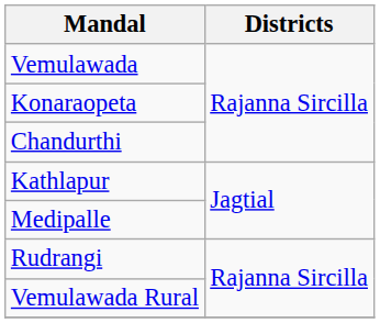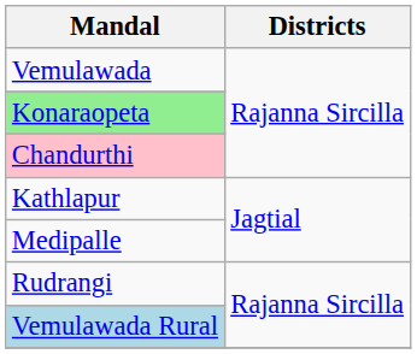 <table class="wikitable sortable static-row-numbers static-row-header-hash">
 <tr>
 <th>Mandal</th>
 <th>Districts</th>
 </tr>
 <tr>
 <td><a href='#'>Vemulawada</a></td>
 <td rowspan=3><a href='#'>Rajanna Sircilla</a></td>
 </tr>
 <tr>
-<td><a href='#'>Konaraopeta</a></td>
+<td style="background: lightgreen;"><a href='#'>Konaraopeta</a></td>
 </tr>
 <tr>
-<td><a href='#'>Chandurthi</a></td>
+<td style="background: pink;"><a href='#'>Chandurthi</a></td>
 </tr>
 <tr>
 <td><a href='#'>Kathlapur</a></td>
 <td rowspan=2><a href='#'>Jagtial</a></td>
 </tr>
 <tr>
 <td><a href='#'>Medipalle</a></td>
 </tr>
 <tr>
 <td><a href='#'>Rudrangi</a></td>
 <td rowspan=2><a href='#'>Rajanna Sircilla</a></td>
 </tr>
 <tr>
-<td><a href='#'>Vemulawada Rural</a></td>
+<td style="background: lightblue;"><a href='#'>Vemulawada Rural</a></td>
 </tr>
 <tr>
 </tr>
 </table>
